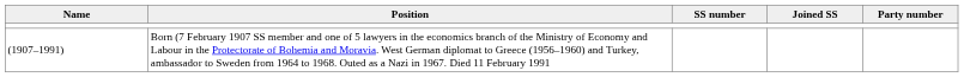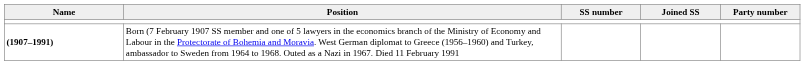 <table align="center" border="1" cellpadding="3" cellspacing="0" style="font-size: 90%; border: gray solid 1px; border-collapse: collapse; text-align: middle;">
 <tr>
 <th bgcolor="#efefef" style="width: 15%">Name</th>
 <th bgcolor="#efefef" style="width: 55%">Position</th>
 <th bgcolor="#efefef" style="width: 10%">SS number</th>
 <th bgcolor="#efefef" style="width: 10%">Joined SS</th>
 <th bgcolor="#efefef" style="width: 10%">Party number</th>
 </tr>
 <tr>
 <td colspan=5></td>
 </tr>
 <tr>
-<td> (1907–1991)</td>
+<td><strong> (1907–1991)</strong></td>
 <td>Born (7 February 1907 SS member and one of 5 lawyers in the economics branch of the Ministry of Economy and Labour in the <a href='#'>Protectorate of Bohemia and Moravia</a>. West German diplomat to Greece (1956–1960) and Turkey, ambassador to Sweden from 1964 to 1968. Outed as a Nazi in 1967. Died 11 February 1991</td>
 <td></td>
 <td></td>
 <td></td>
 </tr>
 </table>
